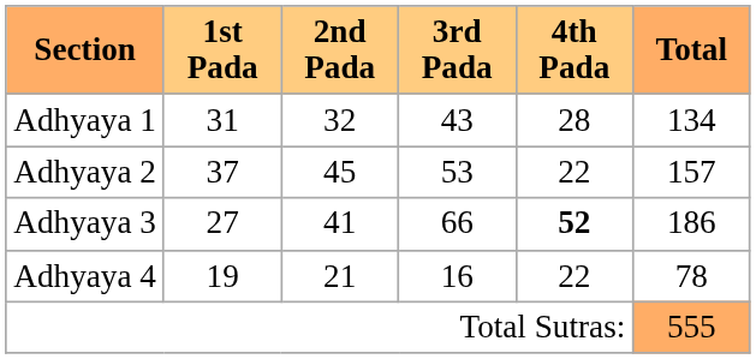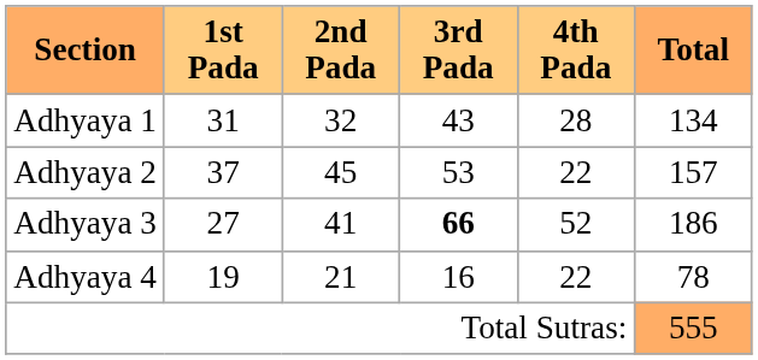 <table class="wikitable floatright" align=center style = " background: transparent; ">
 <tr style="text-align: center;">
 <td width=70px style="background: #ffad66;"><strong>Section</strong></td>
 <td width=50px style="background: #ffcc80;"><strong>1st Pada</strong></td>
 <td width=50px style="background: #ffcc80;"><strong>2nd Pada</strong></td>
 <td width=50px style="background: #ffcc80;"><strong>3rd Pada</strong></td>
 <td width=50px style="background: #ffcc80;"><strong>4th Pada</strong></td>
 <td width=50px style="background: #ffad66;"><strong>Total</strong></td>
 </tr>
 <tr style="text-align: center;">
 <td width=70px>Adhyaya 1</td>
 <td width=50px>31</td>
 <td width=50px>32</td>
 <td width=50px>43</td>
 <td width=50px>28</td>
 <td width=50px>134</td>
 </tr>
 <tr style="text-align: center;">
 <td width=70px>Adhyaya 2</td>
 <td width=50px>37</td>
 <td width=50px>45</td>
 <td width=50px>53</td>
 <td width=50px>22</td>
 <td width=50px>157</td>
 </tr>
 <tr style="text-align: center;">
 <td width=70px>Adhyaya 3</td>
 <td width=50px>27</td>
 <td width=50px>41</td>
-<td width=50px>66</td>
-<td width=50px><strong>52</strong></td>
+<td width=50px><strong>66</strong></td>
+<td width=50px>52</td>
 <td width=50px>186</td>
 </tr>
 <tr style="text-align: center;">
 <td width=70px>Adhyaya 4</td>
 <td width=50px>19</td>
 <td width=50px>21</td>
 <td width=50px>16</td>
 <td width=50px>22</td>
 <td width=50px>78</td>
 </tr>
 <tr style="text-align: center;">
 <td colspan=5 style="text-align: right;">Total Sutras:</td>
 <td width=50px style="background: #ffad66;">555</td>
 </tr>
 </table>
